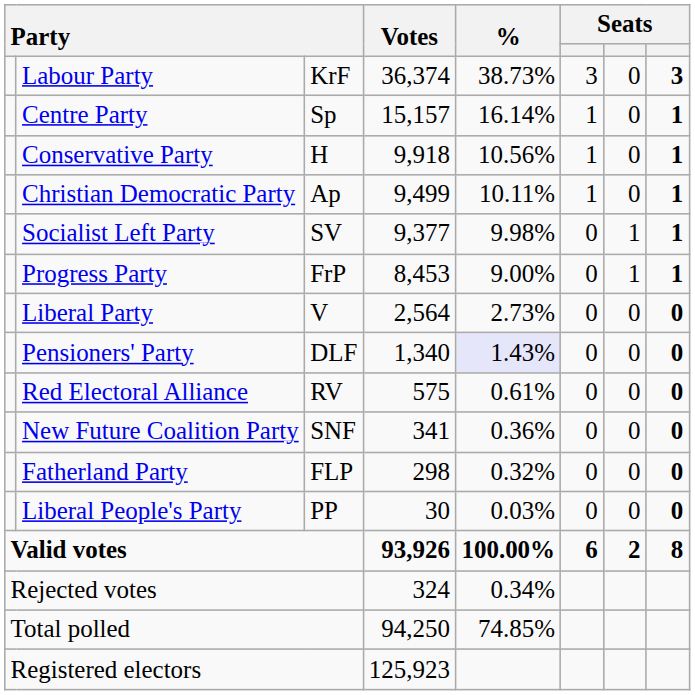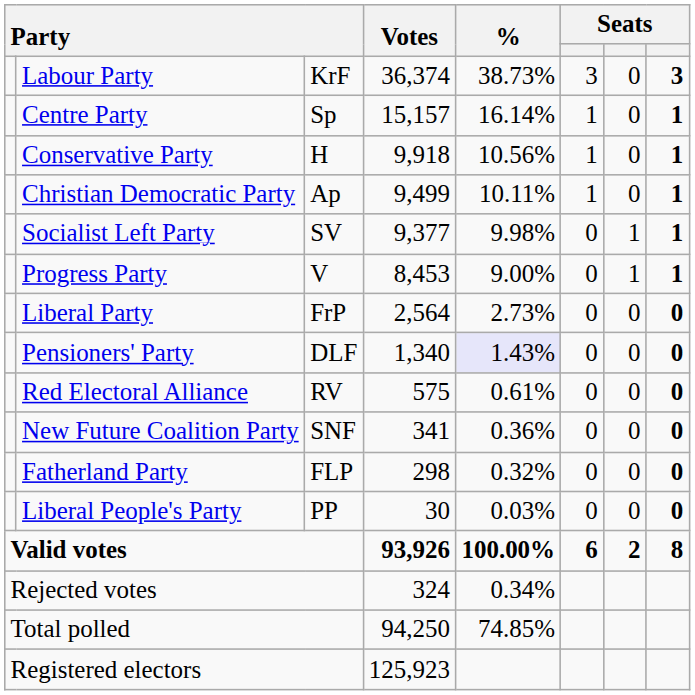 <table class="wikitable" border="1" style="text-align:right;">
 <tr>
 <th style="text-align:left;" valign=bottom rowspan=2 colspan=3>Party</th>
 <th align=center valign=bottom rowspan=2 width="50">Votes</th>
 <th align=center valign=bottom rowspan=2 width="50">%</th>
 <th colspan=3>Seats</th>
 </tr>
 <tr>
 <th align=center valign=bottom width="20"><small></small></th>
 <th align=center valign=bottom width="20"><small><a href='#'></a></small></th>
 <th align=center valign=bottom width="20"><small></small></th>
 </tr>
 <tr>
 <td style="color:inherit;background:"></td>
 <td align=left><a href='#'>Labour Party</a></td>
 <td align=left>KrF</td>
 <td>36,374</td>
 <td>38.73%</td>
 <td>3</td>
 <td>0</td>
 <td><strong>3</strong></td>
 </tr>
 <tr>
 <td style="color:inherit;background:"></td>
 <td align=left><a href='#'>Centre Party</a></td>
 <td align=left>Sp</td>
 <td>15,157</td>
 <td>16.14%</td>
 <td>1</td>
 <td>0</td>
 <td><strong>1</strong></td>
 </tr>
 <tr>
 <td style="color:inherit;background:"></td>
 <td align=left><a href='#'>Conservative Party</a></td>
 <td align=left>H</td>
 <td>9,918</td>
 <td>10.56%</td>
 <td>1</td>
 <td>0</td>
 <td><strong>1</strong></td>
 </tr>
 <tr>
 <td style="color:inherit;background:"></td>
 <td align=left><a href='#'>Christian Democratic Party</a></td>
 <td align=left>Ap</td>
 <td>9,499</td>
 <td>10.11%</td>
 <td>1</td>
 <td>0</td>
 <td><strong>1</strong></td>
 </tr>
 <tr>
 <td style="color:inherit;background:"></td>
 <td align=left><a href='#'>Socialist Left Party</a></td>
 <td align=left>SV</td>
 <td>9,377</td>
 <td>9.98%</td>
 <td>0</td>
 <td>1</td>
 <td><strong>1</strong></td>
 </tr>
 <tr>
 <td style="color:inherit;background:"></td>
 <td align=left><a href='#'>Progress Party</a></td>
-<td align=left>FrP</td>
+<td align=left>V</td>
 <td>8,453</td>
 <td>9.00%</td>
 <td>0</td>
 <td>1</td>
 <td><strong>1</strong></td>
 </tr>
 <tr>
 <td style="color:inherit;background:"></td>
 <td align=left><a href='#'>Liberal Party</a></td>
-<td align=left>V</td>
+<td align=left>FrP</td>
 <td>2,564</td>
 <td>2.73%</td>
 <td>0</td>
 <td>0</td>
 <td><strong>0</strong></td>
 </tr>
 <tr>
 <td style="color:inherit;background:"></td>
 <td align=left><a href='#'>Pensioners' Party</a></td>
 <td align=left>DLF</td>
 <td>1,340</td>
 <td style="background: lavender;">1.43%</td>
 <td>0</td>
 <td>0</td>
 <td><strong>0</strong></td>
 </tr>
 <tr>
 <td style="color:inherit;background:"></td>
 <td align=left><a href='#'>Red Electoral Alliance</a></td>
 <td align=left>RV</td>
 <td>575</td>
 <td>0.61%</td>
 <td>0</td>
 <td>0</td>
 <td><strong>0</strong></td>
 </tr>
 <tr>
 <td style="color:inherit;background:"></td>
 <td align=left><a href='#'>New Future Coalition Party</a></td>
 <td align=left>SNF</td>
 <td>341</td>
 <td>0.36%</td>
 <td>0</td>
 <td>0</td>
 <td><strong>0</strong></td>
 </tr>
 <tr>
 <td style="color:inherit;background:"></td>
 <td align=left><a href='#'>Fatherland Party</a></td>
 <td align=left>FLP</td>
 <td>298</td>
 <td>0.32%</td>
 <td>0</td>
 <td>0</td>
 <td><strong>0</strong></td>
 </tr>
 <tr>
 <td style="color:inherit;background:"></td>
 <td align=left><a href='#'>Liberal People's Party</a></td>
 <td align=left>PP</td>
 <td>30</td>
 <td>0.03%</td>
 <td>0</td>
 <td>0</td>
 <td><strong>0</strong></td>
 </tr>
 <tr style="font-weight:bold">
 <td align=left colspan=3>Valid votes</td>
 <td>93,926</td>
 <td>100.00%</td>
 <td>6</td>
 <td>2</td>
 <td>8</td>
 </tr>
 <tr>
 <td align=left colspan=3>Rejected votes</td>
 <td>324</td>
 <td>0.34%</td>
 <td></td>
 <td></td>
 <td></td>
 </tr>
 <tr>
 <td align=left colspan=3>Total polled</td>
 <td>94,250</td>
 <td>74.85%</td>
 <td></td>
 <td></td>
 <td></td>
 </tr>
 <tr>
 <td align=left colspan=3>Registered electors</td>
 <td>125,923</td>
 <td></td>
 <td></td>
 <td></td>
 <td></td>
 </tr>
 </table>
